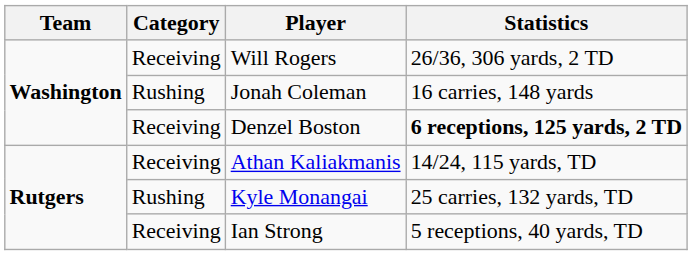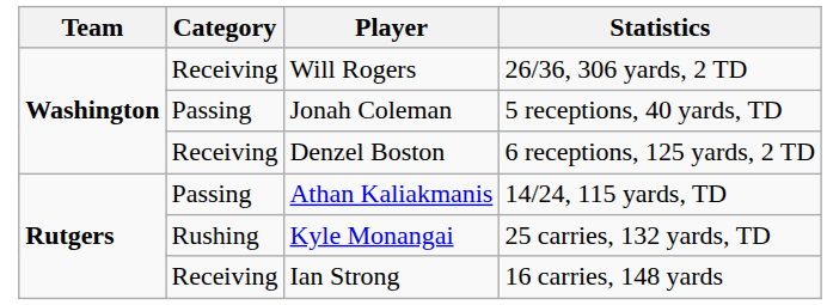 <table class="wikitable" style="float: right;">
 <tr>
 <th>Team</th>
 <th>Category</th>
 <th>Player</th>
 <th>Statistics</th>
 </tr>
 <tr>
 <td rowspan=3><strong>Washington</strong></td>
 <td>Receiving</td>
 <td>Will Rogers</td>
 <td>26/36, 306 yards, 2 TD</td>
 </tr>
 <tr>
-<td>Rushing</td>
+<td>Passing</td>
 <td>Jonah Coleman</td>
-<td>16 carries, 148 yards</td>
+<td>5 receptions, 40 yards, TD</td>
 </tr>
 <tr>
 <td>Receiving</td>
 <td>Denzel Boston</td>
-<td><strong>6 receptions, 125 yards, 2 TD</strong></td>
+<td>6 receptions, 125 yards, 2 TD</td>
 </tr>
 <tr>
 <td rowspan=3><strong>Rutgers</strong></td>
-<td>Receiving</td>
+<td>Passing</td>
 <td><a href='#'>Athan Kaliakmanis</a></td>
 <td>14/24, 115 yards, TD</td>
 </tr>
 <tr>
 <td>Rushing</td>
 <td><a href='#'>Kyle Monangai</a></td>
 <td>25 carries, 132 yards, TD</td>
 </tr>
 <tr>
 <td>Receiving</td>
 <td>Ian Strong</td>
-<td>5 receptions, 40 yards, TD</td>
+<td>16 carries, 148 yards</td>
 </tr>
 </table>
